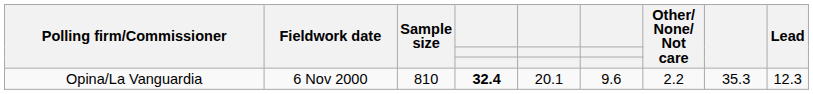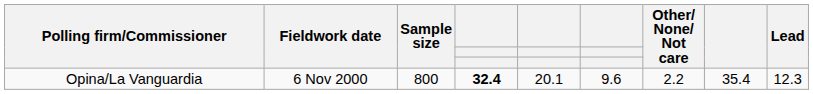 <table class="wikitable collapsible collapsed" style="text-align:center; font-size:90%; line-height:14px;">
 <tr style="height:42px;">
 <th style="width:250px;" rowspan="3">Polling firm/Commissioner</th>
 <th style="width:125px;" rowspan="3">Fieldwork date</th>
 <th style="width:50px;" rowspan="3">Sample size</th>
 <th style="width:55px;"></th>
 <th style="width:55px;"></th>
 <th style="width:55px;"></th>
 <th style="width:55px;" rowspan="3">Other/<br>None/<br>Not<br>care</th>
 <th style="width:55px;" rowspan="3"></th>
 <th style="width:30px;" rowspan="3">Lead</th>
 </tr>
 <tr>
 <th style="color:inherit;background:"></th>
 <th style="color:inherit;background:"></th>
 <th style="color:inherit;background:"></th>
 </tr>
 <tr>
 <th></th>
 <th></th>
 <th></th>
 </tr>
 <tr>
 <td>Opina/La Vanguardia</td>
 <td>6 Nov 2000</td>
-<td>810</td>
+<td>800</td>
 <td><strong>32.4</strong></td>
 <td>20.1</td>
 <td>9.6</td>
 <td>2.2</td>
-<td>35.3</td>
+<td>35.4</td>
 <td style="background:">12.3</td>
 </tr>
 </table>
